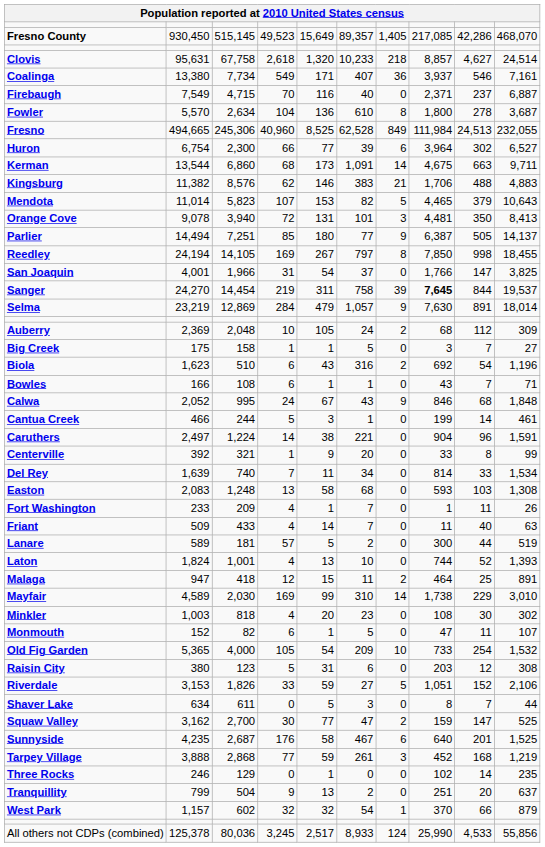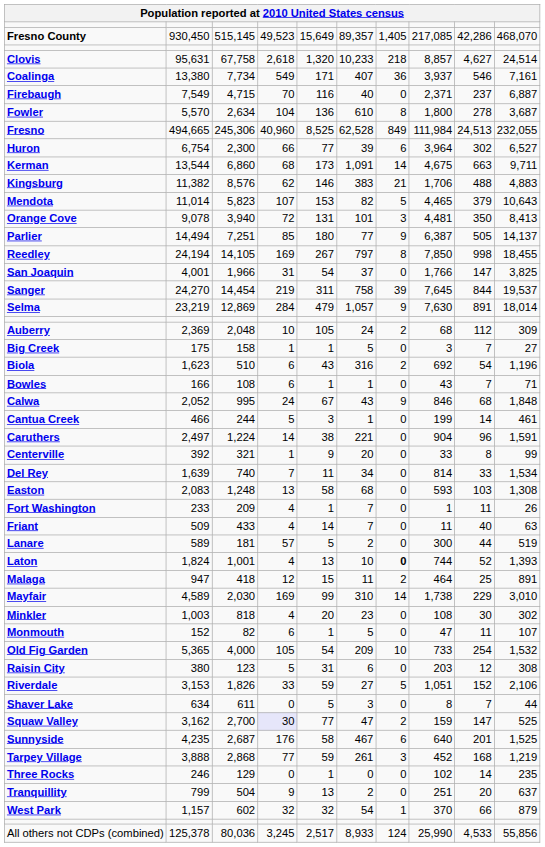 <table class="wikitable collapsible collapsed">
 <tr>
 <th colspan="10">Population reported at <a href='#'>2010 United States census</a></th>
 </tr>
 <tr>
 <td></td>
 <td></td>
 <td></td>
 <td></td>
 <td></td>
 <td></td>
 <td></td>
 <td></td>
 <td></td>
 <td></td>
 </tr>
 <tr>
 <td><strong> Fresno County</strong></td>
 <td align="right">930,450</td>
 <td align="right">515,145</td>
 <td align="right">49,523</td>
 <td align="right">15,649</td>
 <td align="right">89,357</td>
 <td align="right">1,405</td>
 <td align="right">217,085</td>
 <td align="right">42,286</td>
 <td align="right">468,070</td>
 </tr>
 <tr>
 <td></td>
 <td></td>
 <td></td>
 <td></td>
 <td></td>
 <td></td>
 <td></td>
 <td></td>
 <td></td>
 <td></td>
 </tr>
 <tr>
 <td><strong><a href='#'>Clovis</a></strong></td>
 <td align="right">95,631</td>
 <td align="right">67,758</td>
 <td align="right">2,618</td>
 <td align="right">1,320</td>
 <td align="right">10,233</td>
 <td align="right">218</td>
 <td align="right">8,857</td>
 <td align="right">4,627</td>
 <td align="right">24,514</td>
 </tr>
 <tr>
 <td><strong><a href='#'>Coalinga</a></strong></td>
 <td align="right">13,380</td>
 <td align="right">7,734</td>
 <td align="right">549</td>
 <td align="right">171</td>
 <td align="right">407</td>
 <td align="right">36</td>
 <td align="right">3,937</td>
 <td align="right">546</td>
 <td align="right">7,161</td>
 </tr>
 <tr>
 <td><strong><a href='#'>Firebaugh</a></strong></td>
 <td align="right">7,549</td>
 <td align="right">4,715</td>
 <td align="right">70</td>
 <td align="right">116</td>
 <td align="right">40</td>
 <td align="right">0</td>
 <td align="right">2,371</td>
 <td align="right">237</td>
 <td align="right">6,887</td>
 </tr>
 <tr>
 <td><strong><a href='#'>Fowler</a></strong></td>
 <td align="right">5,570</td>
 <td align="right">2,634</td>
 <td align="right">104</td>
 <td align="right">136</td>
 <td align="right">610</td>
 <td align="right">8</td>
 <td align="right">1,800</td>
 <td align="right">278</td>
 <td align="right">3,687</td>
 </tr>
 <tr>
 <td><strong><a href='#'>Fresno</a></strong></td>
 <td align="right">494,665</td>
 <td align="right">245,306</td>
 <td align="right">40,960</td>
 <td align="right">8,525</td>
 <td align="right">62,528</td>
 <td align="right">849</td>
 <td align="right">111,984</td>
 <td align="right">24,513</td>
 <td align="right">232,055</td>
 </tr>
 <tr>
 <td><strong><a href='#'>Huron</a></strong></td>
 <td align="right">6,754</td>
 <td align="right">2,300</td>
 <td align="right">66</td>
 <td align="right">77</td>
 <td align="right">39</td>
 <td align="right">6</td>
 <td align="right">3,964</td>
 <td align="right">302</td>
 <td align="right">6,527</td>
 </tr>
 <tr>
 <td><strong><a href='#'>Kerman</a></strong></td>
 <td align="right">13,544</td>
 <td align="right">6,860</td>
 <td align="right">68</td>
 <td align="right">173</td>
 <td align="right">1,091</td>
 <td align="right">14</td>
 <td align="right">4,675</td>
 <td align="right">663</td>
 <td align="right">9,711</td>
 </tr>
 <tr>
 <td><strong><a href='#'>Kingsburg</a></strong></td>
 <td align="right">11,382</td>
 <td align="right">8,576</td>
 <td align="right">62</td>
 <td align="right">146</td>
 <td align="right">383</td>
 <td align="right">21</td>
 <td align="right">1,706</td>
 <td align="right">488</td>
 <td align="right">4,883</td>
 </tr>
 <tr>
 <td><strong><a href='#'>Mendota</a></strong></td>
 <td align="right">11,014</td>
 <td align="right">5,823</td>
 <td align="right">107</td>
 <td align="right">153</td>
 <td align="right">82</td>
 <td align="right">5</td>
 <td align="right">4,465</td>
 <td align="right">379</td>
 <td align="right">10,643</td>
 </tr>
 <tr>
 <td><strong><a href='#'>Orange Cove</a></strong></td>
 <td align="right">9,078</td>
 <td align="right">3,940</td>
 <td align="right">72</td>
 <td align="right">131</td>
 <td align="right">101</td>
 <td align="right">3</td>
 <td align="right">4,481</td>
 <td align="right">350</td>
 <td align="right">8,413</td>
 </tr>
 <tr>
 <td><strong><a href='#'>Parlier</a></strong></td>
 <td align="right">14,494</td>
 <td align="right">7,251</td>
 <td align="right">85</td>
 <td align="right">180</td>
 <td align="right">77</td>
 <td align="right">9</td>
 <td align="right">6,387</td>
 <td align="right">505</td>
 <td align="right">14,137</td>
 </tr>
 <tr>
 <td><strong><a href='#'>Reedley</a></strong></td>
 <td align="right">24,194</td>
 <td align="right">14,105</td>
 <td align="right">169</td>
 <td align="right">267</td>
 <td align="right">797</td>
 <td align="right">8</td>
 <td align="right">7,850</td>
 <td align="right">998</td>
 <td align="right">18,455</td>
 </tr>
 <tr>
 <td><strong><a href='#'>San Joaquin</a></strong></td>
 <td align="right">4,001</td>
 <td align="right">1,966</td>
 <td align="right">31</td>
 <td align="right">54</td>
 <td align="right">37</td>
 <td align="right">0</td>
 <td align="right">1,766</td>
 <td align="right">147</td>
 <td align="right">3,825</td>
 </tr>
 <tr>
 <td><strong><a href='#'>Sanger</a></strong></td>
 <td align="right">24,270</td>
 <td align="right">14,454</td>
 <td align="right">219</td>
 <td align="right">311</td>
 <td align="right">758</td>
 <td align="right">39</td>
-<td align="right"><strong>7,645</strong></td>
+<td align="right">7,645</td>
 <td align="right">844</td>
 <td align="right">19,537</td>
 </tr>
 <tr>
 <td><strong><a href='#'>Selma</a></strong></td>
 <td align="right">23,219</td>
 <td align="right">12,869</td>
 <td align="right">284</td>
 <td align="right">479</td>
 <td align="right">1,057</td>
 <td align="right">9</td>
 <td align="right">7,630</td>
 <td align="right">891</td>
 <td align="right">18,014</td>
 </tr>
 <tr>
 <td></td>
 <td></td>
 <td></td>
 <td></td>
 <td></td>
 <td></td>
 <td></td>
 <td></td>
 <td></td>
 <td></td>
 </tr>
 <tr>
 <td><strong><a href='#'>Auberry</a></strong></td>
 <td align="right">2,369</td>
 <td align="right">2,048</td>
 <td align="right">10</td>
 <td align="right">105</td>
 <td align="right">24</td>
 <td align="right">2</td>
 <td align="right">68</td>
 <td align="right">112</td>
 <td align="right">309</td>
 </tr>
 <tr>
 <td><strong><a href='#'>Big Creek</a></strong></td>
 <td align="right">175</td>
 <td align="right">158</td>
 <td align="right">1</td>
 <td align="right">1</td>
 <td align="right">5</td>
 <td align="right">0</td>
 <td align="right">3</td>
 <td align="right">7</td>
 <td align="right">27</td>
 </tr>
 <tr>
 <td><strong><a href='#'>Biola</a></strong></td>
 <td align="right">1,623</td>
 <td align="right">510</td>
 <td align="right">6</td>
 <td align="right">43</td>
 <td align="right">316</td>
 <td align="right">2</td>
 <td align="right">692</td>
 <td align="right">54</td>
 <td align="right">1,196</td>
 </tr>
 <tr>
 <td><strong><a href='#'>Bowles</a></strong></td>
 <td align="right">166</td>
 <td align="right">108</td>
 <td align="right">6</td>
 <td align="right">1</td>
 <td align="right">1</td>
 <td align="right">0</td>
 <td align="right">43</td>
 <td align="right">7</td>
 <td align="right">71</td>
 </tr>
 <tr>
 <td><strong><a href='#'>Calwa</a></strong></td>
 <td align="right">2,052</td>
 <td align="right">995</td>
 <td align="right">24</td>
 <td align="right">67</td>
 <td align="right">43</td>
 <td align="right">9</td>
 <td align="right">846</td>
 <td align="right">68</td>
 <td align="right">1,848</td>
 </tr>
 <tr>
 <td><strong><a href='#'>Cantua Creek</a></strong></td>
 <td align="right">466</td>
 <td align="right">244</td>
 <td align="right">5</td>
 <td align="right">3</td>
 <td align="right">1</td>
 <td align="right">0</td>
 <td align="right">199</td>
 <td align="right">14</td>
 <td align="right">461</td>
 </tr>
 <tr>
 <td><strong><a href='#'>Caruthers</a></strong></td>
 <td align="right">2,497</td>
 <td align="right">1,224</td>
 <td align="right">14</td>
 <td align="right">38</td>
 <td align="right">221</td>
 <td align="right">0</td>
 <td align="right">904</td>
 <td align="right">96</td>
 <td align="right">1,591</td>
 </tr>
 <tr>
 <td><strong><a href='#'>Centerville</a></strong></td>
 <td align="right">392</td>
 <td align="right">321</td>
 <td align="right">1</td>
 <td align="right">9</td>
 <td align="right">20</td>
 <td align="right">0</td>
 <td align="right">33</td>
 <td align="right">8</td>
 <td align="right">99</td>
 </tr>
 <tr>
 <td><strong><a href='#'>Del Rey</a></strong></td>
 <td align="right">1,639</td>
 <td align="right">740</td>
 <td align="right">7</td>
 <td align="right">11</td>
 <td align="right">34</td>
 <td align="right">0</td>
 <td align="right">814</td>
 <td align="right">33</td>
 <td align="right">1,534</td>
 </tr>
 <tr>
 <td><strong><a href='#'>Easton</a></strong></td>
 <td align="right">2,083</td>
 <td align="right">1,248</td>
 <td align="right">13</td>
 <td align="right">58</td>
 <td align="right">68</td>
 <td align="right">0</td>
 <td align="right">593</td>
 <td align="right">103</td>
 <td align="right">1,308</td>
 </tr>
 <tr>
 <td><strong><a href='#'>Fort Washington</a></strong></td>
 <td align="right">233</td>
 <td align="right">209</td>
 <td align="right">4</td>
 <td align="right">1</td>
 <td align="right">7</td>
 <td align="right">0</td>
 <td align="right">1</td>
 <td align="right">11</td>
 <td align="right">26</td>
 </tr>
 <tr>
 <td><strong><a href='#'>Friant</a></strong></td>
 <td align="right">509</td>
 <td align="right">433</td>
 <td align="right">4</td>
 <td align="right">14</td>
 <td align="right">7</td>
 <td align="right">0</td>
 <td align="right">11</td>
 <td align="right">40</td>
 <td align="right">63</td>
 </tr>
 <tr>
 <td><strong><a href='#'>Lanare</a></strong></td>
 <td align="right">589</td>
 <td align="right">181</td>
 <td align="right">57</td>
 <td align="right">5</td>
 <td align="right">2</td>
 <td align="right">0</td>
 <td align="right">300</td>
 <td align="right">44</td>
 <td align="right">519</td>
 </tr>
 <tr>
 <td><strong><a href='#'>Laton</a></strong></td>
 <td align="right">1,824</td>
 <td align="right">1,001</td>
 <td align="right">4</td>
 <td align="right">13</td>
 <td align="right">10</td>
-<td align="right">0</td>
+<td align="right"><strong>0</strong></td>
 <td align="right">744</td>
 <td align="right">52</td>
 <td align="right">1,393</td>
 </tr>
 <tr>
 <td><strong><a href='#'>Malaga</a></strong></td>
 <td align="right">947</td>
 <td align="right">418</td>
 <td align="right">12</td>
 <td align="right">15</td>
 <td align="right">11</td>
 <td align="right">2</td>
 <td align="right">464</td>
 <td align="right">25</td>
 <td align="right">891</td>
 </tr>
 <tr>
 <td><strong><a href='#'>Mayfair</a></strong></td>
 <td align="right">4,589</td>
 <td align="right">2,030</td>
 <td align="right">169</td>
 <td align="right">99</td>
 <td align="right">310</td>
 <td align="right">14</td>
 <td align="right">1,738</td>
 <td align="right">229</td>
 <td align="right">3,010</td>
 </tr>
 <tr>
 <td><strong><a href='#'>Minkler</a></strong></td>
 <td align="right">1,003</td>
 <td align="right">818</td>
 <td align="right">4</td>
 <td align="right">20</td>
 <td align="right">23</td>
 <td align="right">0</td>
 <td align="right">108</td>
 <td align="right">30</td>
 <td align="right">302</td>
 </tr>
 <tr>
 <td><strong><a href='#'>Monmouth</a></strong></td>
 <td align="right">152</td>
 <td align="right">82</td>
 <td align="right">6</td>
 <td align="right">1</td>
 <td align="right">5</td>
 <td align="right">0</td>
 <td align="right">47</td>
 <td align="right">11</td>
 <td align="right">107</td>
 </tr>
 <tr>
 <td><strong><a href='#'>Old Fig Garden</a></strong></td>
 <td align="right">5,365</td>
 <td align="right">4,000</td>
 <td align="right">105</td>
 <td align="right">54</td>
 <td align="right">209</td>
 <td align="right">10</td>
 <td align="right">733</td>
 <td align="right">254</td>
 <td align="right">1,532</td>
 </tr>
 <tr>
 <td><strong><a href='#'>Raisin City</a></strong></td>
 <td align="right">380</td>
 <td align="right">123</td>
 <td align="right">5</td>
 <td align="right">31</td>
 <td align="right">6</td>
 <td align="right">0</td>
 <td align="right">203</td>
 <td align="right">12</td>
 <td align="right">308</td>
 </tr>
 <tr>
 <td><strong><a href='#'>Riverdale</a></strong></td>
 <td align="right">3,153</td>
 <td align="right">1,826</td>
 <td align="right">33</td>
 <td align="right">59</td>
 <td align="right">27</td>
 <td align="right">5</td>
 <td align="right">1,051</td>
 <td align="right">152</td>
 <td align="right">2,106</td>
 </tr>
 <tr>
 <td><strong><a href='#'>Shaver Lake</a></strong></td>
 <td align="right">634</td>
 <td align="right">611</td>
 <td align="right">0</td>
 <td align="right">5</td>
 <td align="right">3</td>
 <td align="right">0</td>
 <td align="right">8</td>
 <td align="right">7</td>
 <td align="right">44</td>
 </tr>
 <tr>
 <td><strong><a href='#'>Squaw Valley</a></strong></td>
 <td align="right">3,162</td>
 <td align="right">2,700</td>
-<td align="right">30</td>
+<td align="right" style="background: lavender;">30</td>
 <td align="right">77</td>
 <td align="right">47</td>
 <td align="right">2</td>
 <td align="right">159</td>
 <td align="right">147</td>
 <td align="right">525</td>
 </tr>
 <tr>
 <td><strong><a href='#'>Sunnyside</a></strong></td>
 <td align="right">4,235</td>
 <td align="right">2,687</td>
 <td align="right">176</td>
 <td align="right">58</td>
 <td align="right">467</td>
 <td align="right">6</td>
 <td align="right">640</td>
 <td align="right">201</td>
 <td align="right">1,525</td>
 </tr>
 <tr>
 <td><strong><a href='#'>Tarpey Village</a></strong></td>
 <td align="right">3,888</td>
 <td align="right">2,868</td>
 <td align="right">77</td>
 <td align="right">59</td>
 <td align="right">261</td>
 <td align="right">3</td>
 <td align="right">452</td>
 <td align="right">168</td>
 <td align="right">1,219</td>
 </tr>
 <tr>
 <td><strong><a href='#'>Three Rocks</a></strong></td>
 <td align="right">246</td>
 <td align="right">129</td>
 <td align="right">0</td>
 <td align="right">1</td>
 <td align="right">0</td>
 <td align="right">0</td>
 <td align="right">102</td>
 <td align="right">14</td>
 <td align="right">235</td>
 </tr>
 <tr>
 <td><strong><a href='#'>Tranquillity</a></strong></td>
 <td align="right">799</td>
 <td align="right">504</td>
 <td align="right">9</td>
 <td align="right">13</td>
 <td align="right">2</td>
 <td align="right">0</td>
 <td align="right">251</td>
 <td align="right">20</td>
 <td align="right">637</td>
 </tr>
 <tr>
 <td><strong><a href='#'>West Park</a></strong></td>
 <td align="right">1,157</td>
 <td align="right">602</td>
 <td align="right">32</td>
 <td align="right">32</td>
 <td align="right">54</td>
 <td align="right">1</td>
 <td align="right">370</td>
 <td align="right">66</td>
 <td align="right">879</td>
 </tr>
 <tr>
 <td></td>
 <td></td>
 <td></td>
 <td></td>
 <td></td>
 <td></td>
 <td></td>
 <td></td>
 <td></td>
 <td></td>
 </tr>
 <tr>
 <td>All others not CDPs (combined)</td>
 <td align="right">125,378</td>
 <td align="right">80,036</td>
 <td align="right">3,245</td>
 <td align="right">2,517</td>
 <td align="right">8,933</td>
 <td align="right">124</td>
 <td align="right">25,990</td>
 <td align="right">4,533</td>
 <td align="right">55,856</td>
 </tr>
 </table>
